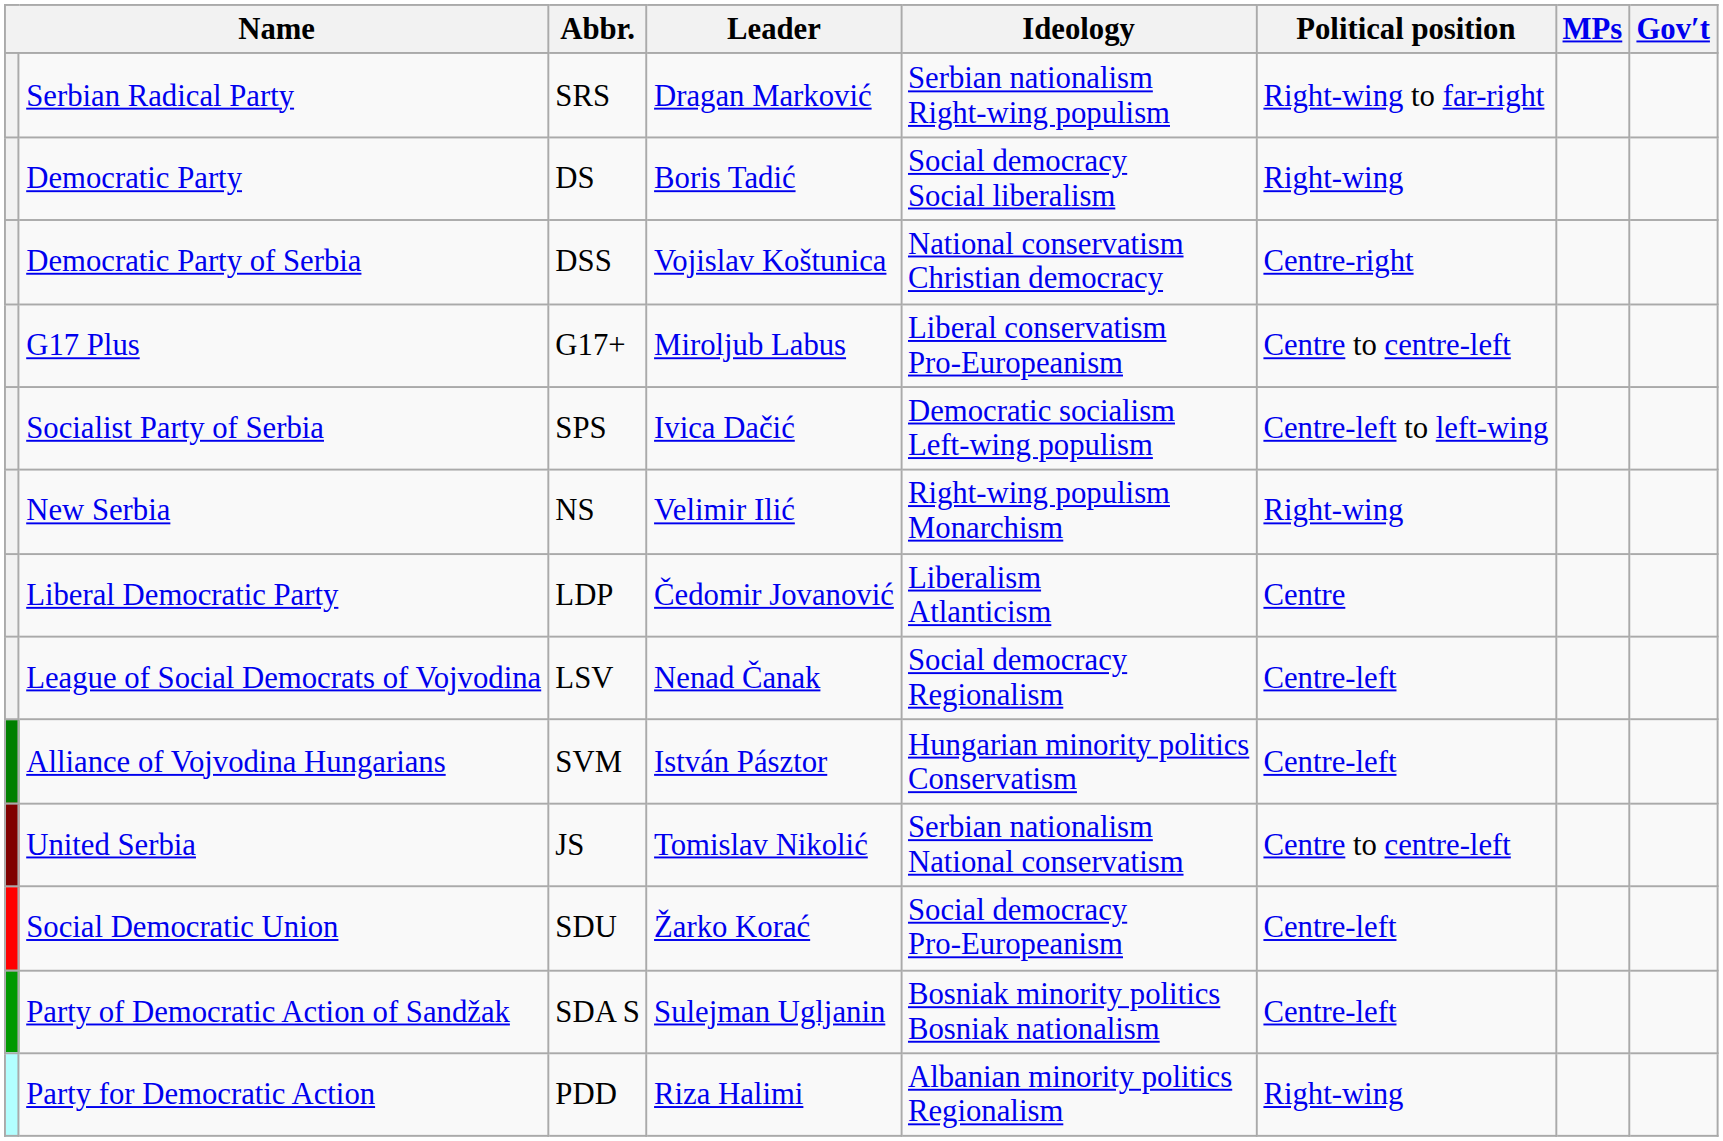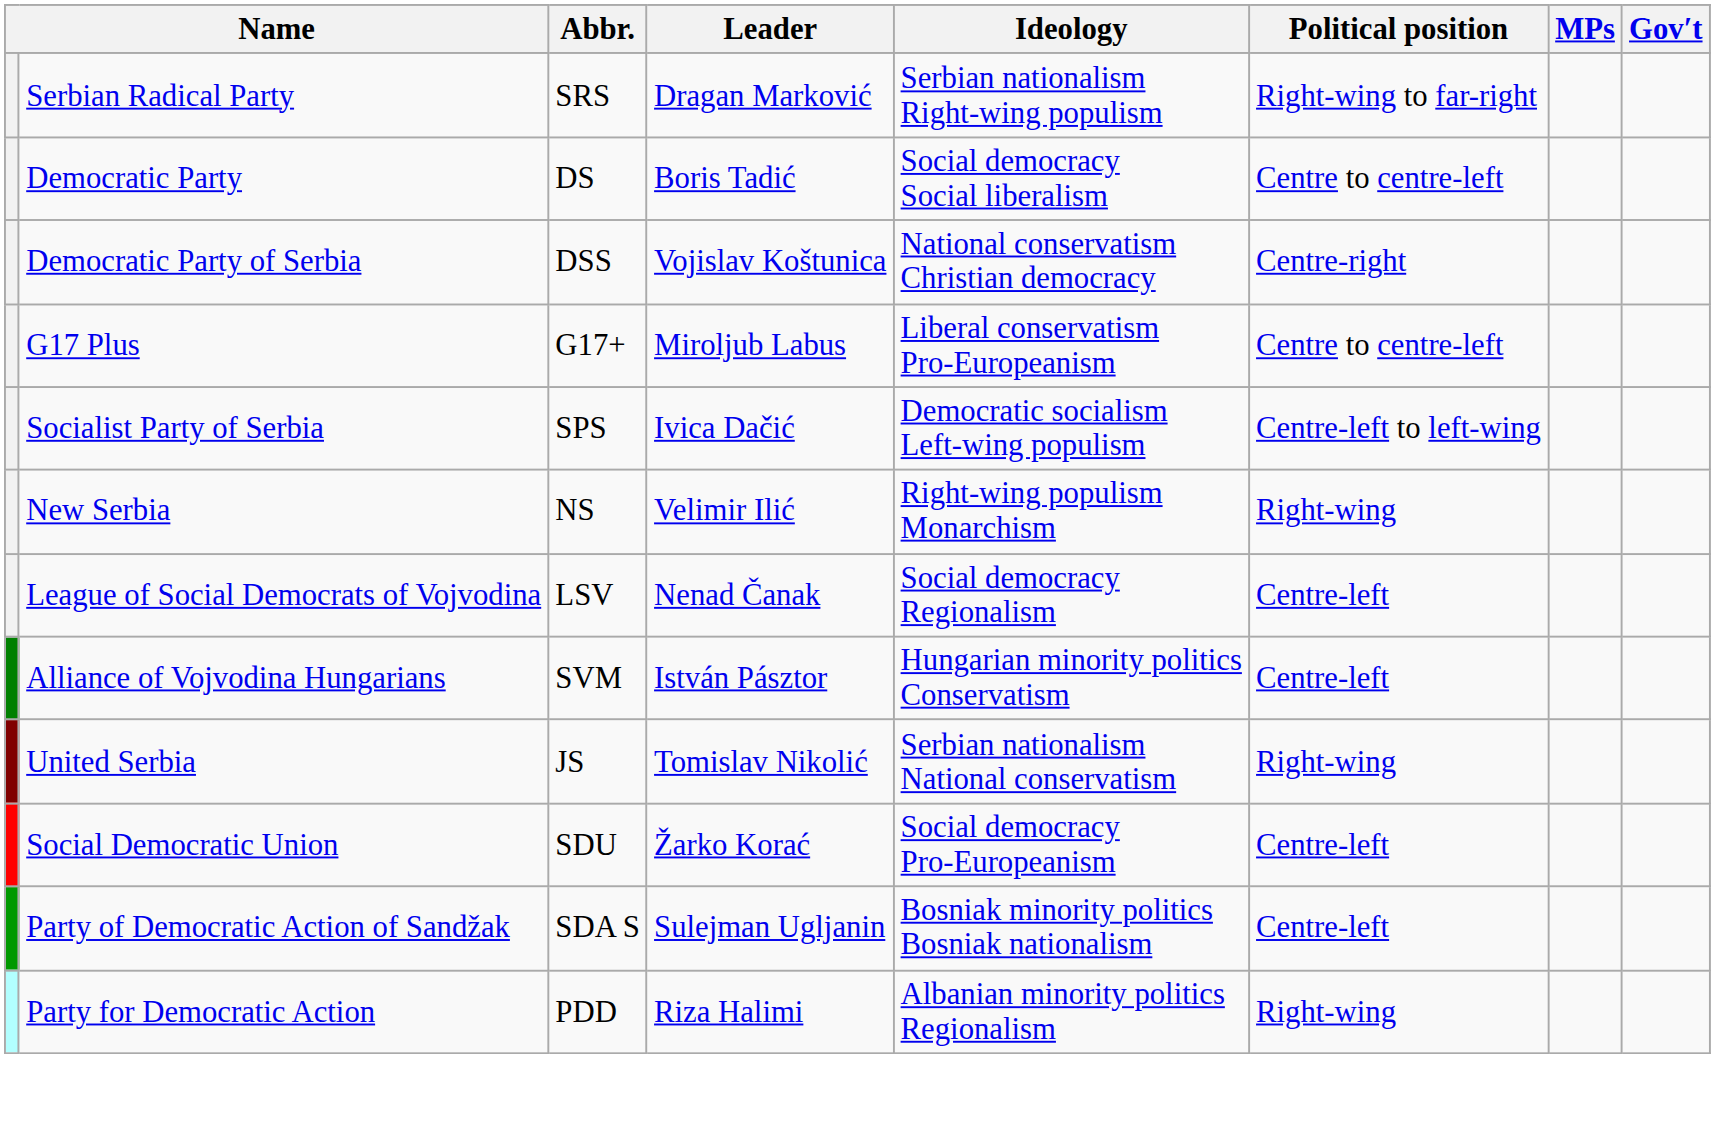 <table class="wikitable">
 <tr>
 <th colspan=2>Name</th>
 <th>Abbr.</th>
 <th>Leader</th>
 <th>Ideology</th>
 <th>Political position</th>
 <th><a href='#'>MPs</a></th>
 <th><a href='#'>Gov′t</a></th>
 </tr>
 <tr>
 <th style="background-color: "></th>
 <td><a href='#'>Serbian Radical Party</a><br><small><em></em></small></td>
 <td>SRS</td>
 <td><a href='#'>Dragan Marković</a></td>
 <td><a href='#'>Serbian nationalism</a><br><a href='#'>Right-wing populism</a></td>
 <td><a href='#'>Right-wing</a> to <a href='#'>far-right</a></td>
 <td></td>
 <td></td>
 </tr>
 <tr>
 <th style="background-color: "></th>
 <td><a href='#'>Democratic Party</a><br><small><em></em></small></td>
 <td>DS</td>
 <td><a href='#'>Boris Tadić</a></td>
 <td><a href='#'>Social democracy</a><br><a href='#'>Social liberalism</a></td>
-<td><a href='#'>Right-wing</a></td>
+<td><a href='#'>Centre</a> to <a href='#'>centre-left</a></td>
 <td></td>
 <td></td>
 </tr>
 <tr>
 <th style="background-color: "></th>
 <td><a href='#'>Democratic Party of Serbia</a><br><small><em></em></small></td>
 <td>DSS</td>
 <td><a href='#'>Vojislav Koštunica</a></td>
 <td><a href='#'>National conservatism</a><br><a href='#'>Christian democracy</a></td>
 <td><a href='#'>Centre-right</a></td>
 <td></td>
 <td></td>
 </tr>
 <tr>
 <th style="background-color: "></th>
 <td><a href='#'>G17 Plus</a><br><small><em></em></small></td>
 <td>G17+</td>
 <td><a href='#'>Miroljub Labus</a></td>
 <td><a href='#'>Liberal conservatism</a><br><a href='#'>Pro-Europeanism</a></td>
 <td><a href='#'>Centre</a> to <a href='#'>centre-left</a></td>
 <td></td>
 <td></td>
 </tr>
 <tr>
 <th style="background-color: "></th>
 <td><a href='#'>Socialist Party of Serbia</a><br><small><em></em></small></td>
 <td>SPS</td>
 <td><a href='#'>Ivica Dačić</a></td>
 <td><a href='#'>Democratic socialism</a><br><a href='#'>Left-wing populism</a></td>
 <td><a href='#'>Centre-left</a> to <a href='#'>left-wing</a></td>
 <td></td>
 <td></td>
 </tr>
 <tr>
 <th style="background-color:"></th>
 <td><a href='#'>New Serbia</a><br><small><em></em></small></td>
 <td>NS</td>
 <td><a href='#'>Velimir Ilić</a></td>
 <td><a href='#'>Right-wing populism</a><br><a href='#'>Monarchism</a></td>
 <td><a href='#'>Right-wing</a></td>
 <td></td>
 <td></td>
 </tr>
 <tr>
 <th style="background-color: "></th>
-<td><a href='#'>Liberal Democratic Party</a><br><small><em></em></small></td>
-<td>LDP</td>
-<td><a href='#'>Čedomir Jovanović</a></td>
-<td><a href='#'>Liberalism</a><br><a href='#'>Atlanticism</a></td>
-<td><a href='#'>Centre</a></td>
-<td></td>
-<td></td>
-</tr>
-<tr>
-<th style="background-color: "></th>
 <td><a href='#'>League of Social Democrats of Vojvodina</a><br><small><em></em></small></td>
 <td>LSV</td>
 <td><a href='#'>Nenad Čanak</a></td>
 <td><a href='#'>Social democracy</a><br><a href='#'>Regionalism</a></td>
 <td><a href='#'>Centre-left</a></td>
 <td></td>
 <td></td>
 </tr>
 <tr>
 <th style="background-color: #008000; color:white;"></th>
 <td><a href='#'>Alliance of Vojvodina Hungarians</a><br><small><em></em></small></td>
 <td>SVM</td>
 <td><a href='#'>István Pásztor</a></td>
 <td><a href='#'>Hungarian minority politics</a><br><a href='#'>Conservatism</a></td>
 <td><a href='#'>Centre-left</a></td>
 <td></td>
 <td></td>
 </tr>
 <tr>
 <th style="background-color: #800000; color:white;"></th>
 <td><a href='#'>United Serbia</a><br><small><em></em></small></td>
 <td>JS</td>
 <td><a href='#'>Tomislav Nikolić</a></td>
 <td><a href='#'>Serbian nationalism</a><br><a href='#'>National conservatism</a></td>
-<td><a href='#'>Centre</a> to <a href='#'>centre-left</a></td>
+<td><a href='#'>Right-wing</a></td>
 <td></td>
 <td></td>
 </tr>
 <tr>
 <th style="background-color: red; color:white;"></th>
 <td><a href='#'>Social Democratic Union</a><br><small><em></em></small></td>
 <td>SDU</td>
 <td><a href='#'>Žarko Korać</a></td>
 <td><a href='#'>Social democracy</a><br><a href='#'>Pro-Europeanism</a></td>
 <td><a href='#'>Centre-left</a></td>
 <td></td>
 <td></td>
 </tr>
 <tr>
 <th style="background-color: #009900; color:white;"></th>
 <td><a href='#'>Party of Democratic Action of Sandžak</a><br><small><em></em></small></td>
 <td>SDA S</td>
 <td><a href='#'>Sulejman Ugljanin</a></td>
 <td><a href='#'>Bosniak minority politics</a><br><a href='#'>Bosniak nationalism</a></td>
 <td><a href='#'>Centre-left</a></td>
 <td></td>
 <td></td>
 </tr>
 <tr>
 <th style="background-color: #B2FFFF; color:white;"></th>
 <td><a href='#'>Party for Democratic Action</a><br><small><em></em></small></td>
 <td>PDD</td>
 <td><a href='#'>Riza Halimi</a></td>
 <td><a href='#'>Albanian minority politics</a><br><a href='#'>Regionalism</a></td>
 <td><a href='#'>Right-wing</a></td>
 <td></td>
 <td></td>
 </tr>
 </table>
